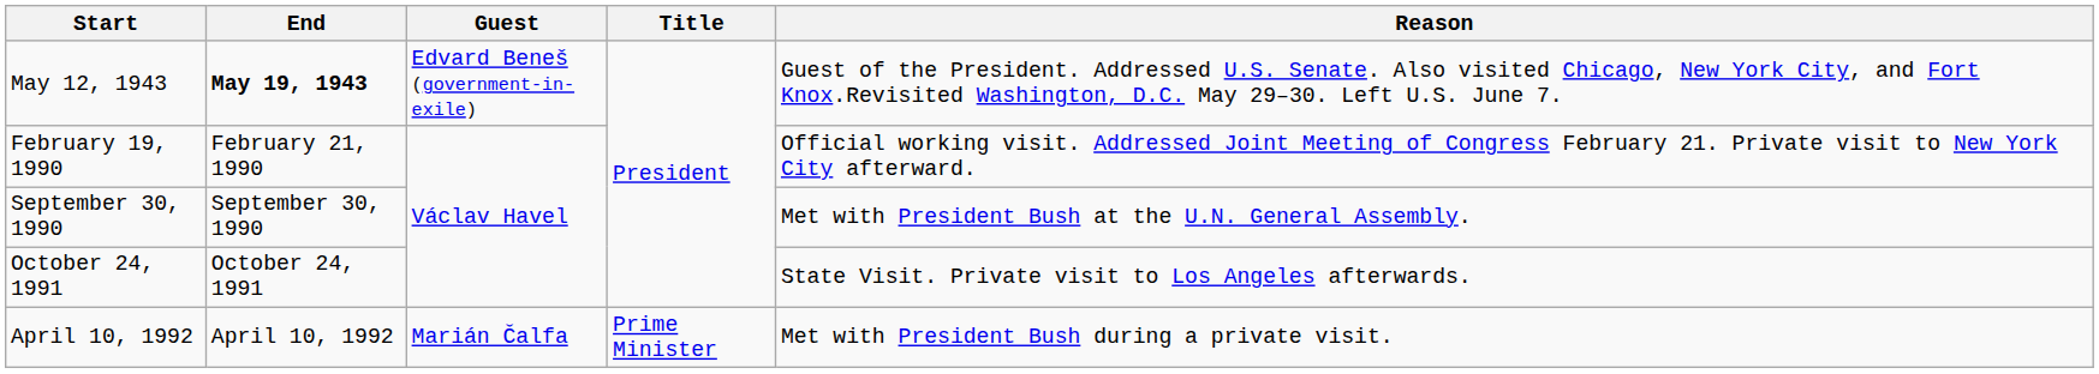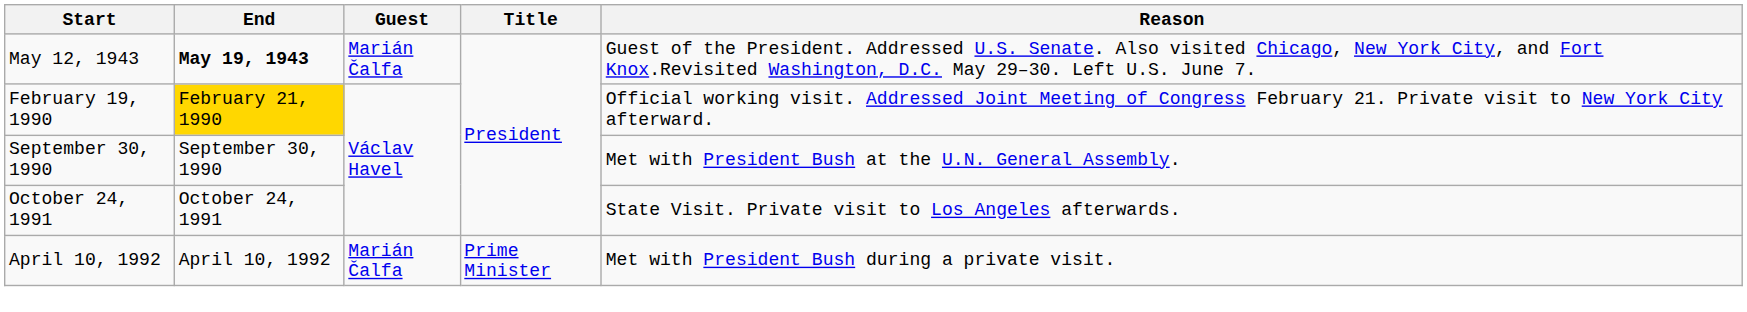 <table class="wikitable sortable">
 <tr>
 <th>Start</th>
 <th>End</th>
 <th>Guest</th>
 <th>Title</th>
 <th>Reason</th>
 </tr>
 <tr>
 <td>May 12, 1943</td>
 <td><strong>May 19, 1943</strong></td>
-<td><a href='#'>Edvard Beneš</a><br><small>(<a href='#'>government-in-exile</a>)</small></td>
+<td><a href='#'>Marián Čalfa</a></td>
 <td rowspan="4"><a href='#'>President</a></td>
 <td>Guest of the President. Addressed <a href='#'>U.S. Senate</a>. Also visited <a href='#'>Chicago</a>, <a href='#'>New York City</a>, and <a href='#'>Fort Knox</a>.Revisited <a href='#'>Washington, D.C.</a> May 29–30. Left U.S. June 7.</td>
 </tr>
 <tr>
 <td>February 19, 1990</td>
-<td>February 21, 1990</td>
+<td style="background: gold;">February 21, 1990</td>
 <td rowspan=3><a href='#'>Václav Havel</a></td>
 <td>Official working visit. <a href='#'>Addressed Joint Meeting of Congress</a> February 21. Private visit to <a href='#'>New York City</a> afterward.</td>
 </tr>
 <tr>
 <td>September 30, 1990</td>
 <td>September 30, 1990</td>
 <td>Met with <a href='#'>President Bush</a> at the <a href='#'>U.N. General Assembly</a>.</td>
 </tr>
 <tr>
 <td>October 24, 1991</td>
 <td>October 24, 1991</td>
 <td>State Visit. Private visit to <a href='#'>Los Angeles</a> afterwards.</td>
 </tr>
 <tr>
 <td>April 10, 1992</td>
 <td>April 10, 1992</td>
 <td><a href='#'>Marián Čalfa</a></td>
 <td><a href='#'>Prime Minister</a></td>
 <td>Met with <a href='#'>President Bush</a> during a private visit.</td>
 </tr>
 </table>
